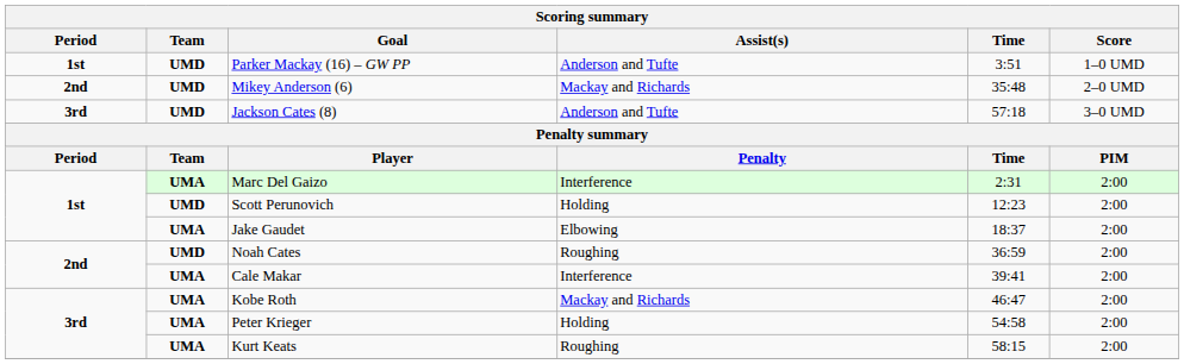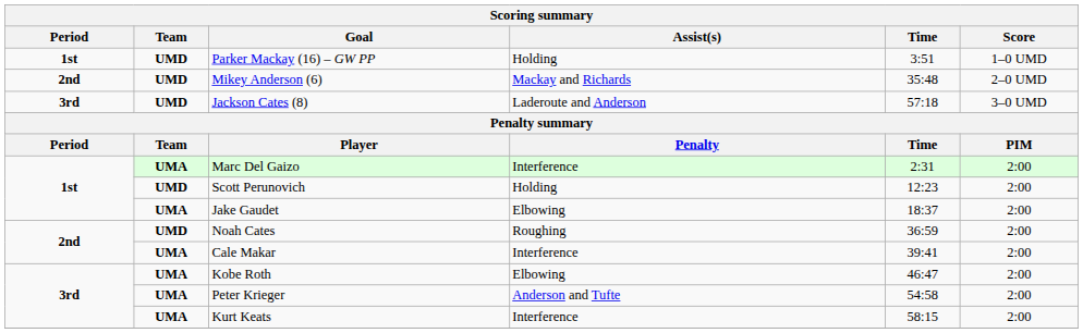 <table style="width:100%;" class="wikitable">
 <tr>
 <th colspan=6>Scoring summary</th>
 </tr>
 <tr>
 <th style="width:12%;">Period</th>
 <th style="width:7%;">Team</th>
 <th style="width:28%;">Goal</th>
 <th style="width:35%;">Assist(s)</th>
 <th style="width:7%;">Time</th>
 <th style="width:11%;">Score</th>
 </tr>
 <tr>
 <td style="text-align:center;" rowspan="1"><strong>1st</strong></td>
 <td align=center><strong>UMD</strong></td>
 <td><a href='#'>Parker Mackay</a> (16) – <em>GW PP</em></td>
-<td><a href='#'>Anderson</a> and <a href='#'>Tufte</a></td>
+<td>Holding</td>
 <td align=center>3:51</td>
 <td align=center>1–0 UMD</td>
 </tr>
 <tr>
 <td style="text-align:center;" rowspan="1"><strong>2nd</strong></td>
 <td align=center><strong>UMD</strong></td>
 <td><a href='#'>Mikey Anderson</a> (6)</td>
 <td><a href='#'>Mackay</a> and <a href='#'>Richards</a></td>
 <td align=center>35:48</td>
 <td align=center>2–0 UMD</td>
 </tr>
 <tr>
 <td style="text-align:center;" rowspan="1"><strong>3rd</strong></td>
 <td align=center><strong>UMD</strong></td>
 <td><a href='#'>Jackson Cates</a> (8)</td>
-<td><a href='#'>Anderson</a> and <a href='#'>Tufte</a></td>
+<td>Laderoute and <a href='#'>Anderson</a></td>
 <td align=center>57:18</td>
 <td align=center>3–0 UMD</td>
 </tr>
 <tr>
 <th colspan=6>Penalty summary</th>
 </tr>
 <tr>
 <th style="width:12%;">Period</th>
 <th style="width:7%;">Team</th>
 <th style="width:28%;">Player</th>
 <th style="width:35%;"><a href='#'>Penalty</a></th>
 <th style="width:7%;">Time</th>
 <th style="width:11%;">PIM</th>
 </tr>
 <tr>
 <td style="text-align:center;" rowspan="3"><strong>1st</strong></td>
 <td bgcolor=ddffdd align=center><strong>UMA</strong></td>
 <td bgcolor=ddffdd>Marc Del Gaizo</td>
 <td bgcolor=ddffdd>Interference</td>
 <td align=center bgcolor=ddffdd>2:31</td>
 <td align=center bgcolor=ddffdd>2:00</td>
 </tr>
 <tr>
 <td align=center><strong>UMD</strong></td>
 <td>Scott Perunovich</td>
 <td>Holding</td>
 <td align=center>12:23</td>
 <td align=center>2:00</td>
 </tr>
 <tr>
 <td align=center><strong>UMA</strong></td>
 <td>Jake Gaudet</td>
 <td>Elbowing</td>
 <td align=center>18:37</td>
 <td align=center>2:00</td>
 </tr>
 <tr>
 <td style="text-align:center;" rowspan="2"><strong>2nd</strong></td>
 <td align=center><strong>UMD</strong></td>
 <td>Noah Cates</td>
 <td>Roughing</td>
 <td align=center>36:59</td>
 <td align=center>2:00</td>
 </tr>
 <tr>
 <td align=center><strong>UMA</strong></td>
 <td>Cale Makar</td>
 <td>Interference</td>
 <td align=center>39:41</td>
 <td align=center>2:00</td>
 </tr>
 <tr>
 <td style="text-align:center;" rowspan="3"><strong>3rd</strong></td>
 <td align=center><strong>UMA</strong></td>
 <td>Kobe Roth</td>
-<td><a href='#'>Mackay</a> and <a href='#'>Richards</a></td>
+<td>Elbowing</td>
 <td align=center>46:47</td>
 <td align=center>2:00</td>
 </tr>
 <tr>
 <td align=center><strong>UMA</strong></td>
 <td>Peter Krieger</td>
-<td>Holding</td>
+<td><a href='#'>Anderson</a> and <a href='#'>Tufte</a></td>
 <td align=center>54:58</td>
 <td align=center>2:00</td>
 </tr>
 <tr>
 <td align=center><strong>UMA</strong></td>
 <td>Kurt Keats</td>
-<td>Roughing</td>
+<td>Interference</td>
 <td align=center>58:15</td>
 <td align=center>2:00</td>
 </tr>
 <tr>
 </tr>
 </table>
